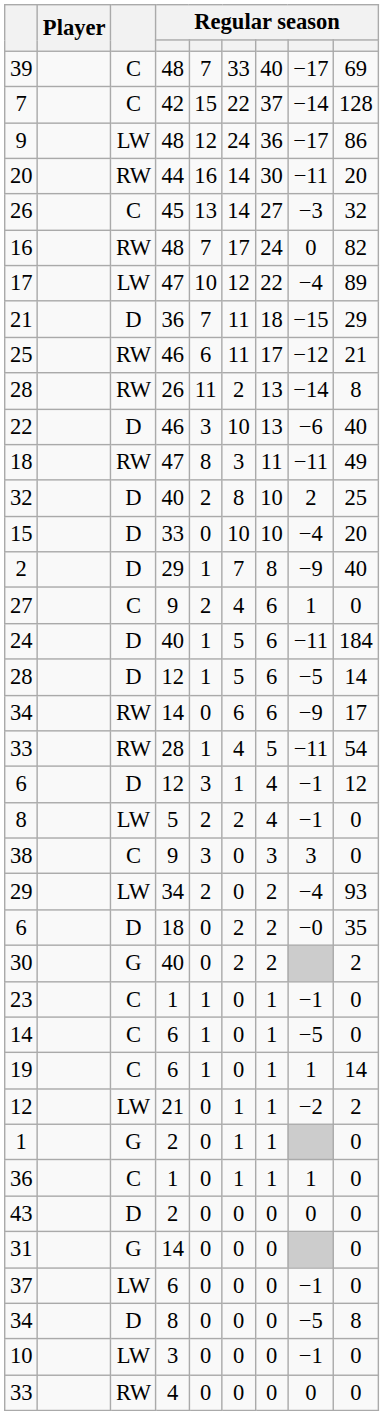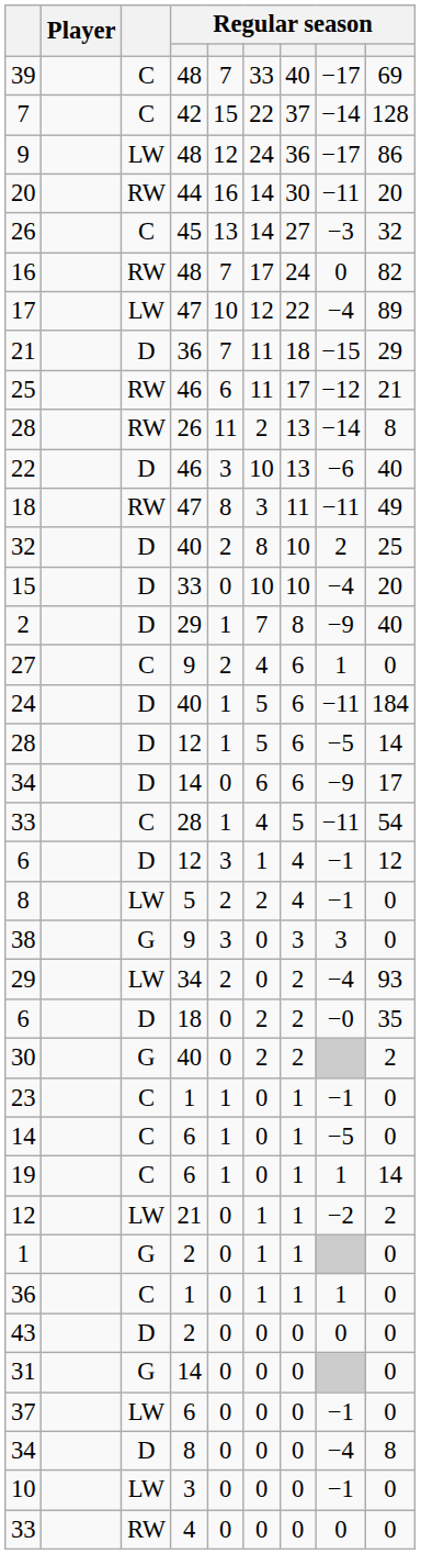 <table class="wikitable sortable plainrowheaders" style="text-align:center;">
 <tr>
 <th scope="col" data-sort-type="number" rowspan="2"></th>
 <th scope="col" rowspan="2">Player</th>
 <th scope="col" rowspan="2"></th>
 <th scope=colgroup colspan=6>Regular season</th>
 </tr>
 <tr>
 <th scope="col" data-sort-type="number"></th>
 <th scope="col" data-sort-type="number"></th>
 <th scope="col" data-sort-type="number"></th>
 <th scope="col" data-sort-type="number"></th>
 <th scope="col" data-sort-type="number"></th>
 <th scope="col" data-sort-type="number"></th>
 </tr>
 <tr>
 <td scope="row">39</td>
 <td align="left"></td>
 <td>C</td>
 <td>48</td>
 <td>7</td>
 <td>33</td>
 <td>40</td>
 <td>−17</td>
 <td>69</td>
 </tr>
 <tr>
 <td scope="row">7</td>
 <td align="left"></td>
 <td>C</td>
 <td>42</td>
 <td>15</td>
 <td>22</td>
 <td>37</td>
 <td>−14</td>
 <td>128</td>
 </tr>
 <tr>
 <td scope="row">9</td>
 <td align="left"></td>
 <td>LW</td>
 <td>48</td>
 <td>12</td>
 <td>24</td>
 <td>36</td>
 <td>−17</td>
 <td>86</td>
 </tr>
 <tr>
 <td scope="row">20</td>
 <td align="left"></td>
 <td>RW</td>
 <td>44</td>
 <td>16</td>
 <td>14</td>
 <td>30</td>
 <td>−11</td>
 <td>20</td>
 </tr>
 <tr>
 <td scope="row">26</td>
 <td align="left"></td>
 <td>C</td>
 <td>45</td>
 <td>13</td>
 <td>14</td>
 <td>27</td>
 <td>−3</td>
 <td>32</td>
 </tr>
 <tr>
 <td scope="row">16</td>
 <td align="left"></td>
 <td>RW</td>
 <td>48</td>
 <td>7</td>
 <td>17</td>
 <td>24</td>
 <td>0</td>
 <td>82</td>
 </tr>
 <tr>
 <td scope="row">17</td>
 <td align="left"></td>
 <td>LW</td>
 <td>47</td>
 <td>10</td>
 <td>12</td>
 <td>22</td>
 <td>−4</td>
 <td>89</td>
 </tr>
 <tr>
 <td scope="row">21</td>
 <td align="left"></td>
 <td>D</td>
 <td>36</td>
 <td>7</td>
 <td>11</td>
 <td>18</td>
 <td>−15</td>
 <td>29</td>
 </tr>
 <tr>
 <td scope="row">25</td>
 <td align="left"></td>
 <td>RW</td>
 <td>46</td>
 <td>6</td>
 <td>11</td>
 <td>17</td>
 <td>−12</td>
 <td>21</td>
 </tr>
 <tr>
 <td scope="row">28</td>
 <td align="left"></td>
 <td>RW</td>
 <td>26</td>
 <td>11</td>
 <td>2</td>
 <td>13</td>
 <td>−14</td>
 <td>8</td>
 </tr>
 <tr>
 <td scope="row">22</td>
 <td align="left"></td>
 <td>D</td>
 <td>46</td>
 <td>3</td>
 <td>10</td>
 <td>13</td>
 <td>−6</td>
 <td>40</td>
 </tr>
 <tr>
 <td scope="row">18</td>
 <td align="left"></td>
 <td>RW</td>
 <td>47</td>
 <td>8</td>
 <td>3</td>
 <td>11</td>
 <td>−11</td>
 <td>49</td>
 </tr>
 <tr>
 <td scope="row">32</td>
 <td align="left"></td>
 <td>D</td>
 <td>40</td>
 <td>2</td>
 <td>8</td>
 <td>10</td>
 <td>2</td>
 <td>25</td>
 </tr>
 <tr>
 <td scope="row">15</td>
 <td align="left"></td>
 <td>D</td>
 <td>33</td>
 <td>0</td>
 <td>10</td>
 <td>10</td>
 <td>−4</td>
 <td>20</td>
 </tr>
 <tr>
 <td scope="row">2</td>
 <td align="left"></td>
 <td>D</td>
 <td>29</td>
 <td>1</td>
 <td>7</td>
 <td>8</td>
 <td>−9</td>
 <td>40</td>
 </tr>
 <tr>
 <td scope="row">27</td>
 <td align="left"></td>
 <td>C</td>
 <td>9</td>
 <td>2</td>
 <td>4</td>
 <td>6</td>
 <td>1</td>
 <td>0</td>
 </tr>
 <tr>
 <td scope="row">24</td>
 <td align="left"></td>
 <td>D</td>
 <td>40</td>
 <td>1</td>
 <td>5</td>
 <td>6</td>
 <td>−11</td>
 <td>184</td>
 </tr>
 <tr>
 <td scope="row">28</td>
 <td align="left"></td>
 <td>D</td>
 <td>12</td>
 <td>1</td>
 <td>5</td>
 <td>6</td>
 <td>−5</td>
 <td>14</td>
 </tr>
 <tr>
 <td scope="row">34</td>
 <td align="left"></td>
-<td>RW</td>
+<td>D</td>
 <td>14</td>
 <td>0</td>
 <td>6</td>
 <td>6</td>
 <td>−9</td>
 <td>17</td>
 </tr>
 <tr>
 <td scope="row">33</td>
 <td align="left"></td>
-<td>RW</td>
+<td>C</td>
 <td>28</td>
 <td>1</td>
 <td>4</td>
 <td>5</td>
 <td>−11</td>
 <td>54</td>
 </tr>
 <tr>
 <td scope="row">6</td>
 <td align="left"></td>
 <td>D</td>
 <td>12</td>
 <td>3</td>
 <td>1</td>
 <td>4</td>
 <td>−1</td>
 <td>12</td>
 </tr>
 <tr>
 <td scope="row">8</td>
 <td align="left"></td>
 <td>LW</td>
 <td>5</td>
 <td>2</td>
 <td>2</td>
 <td>4</td>
 <td>−1</td>
 <td>0</td>
 </tr>
 <tr>
 <td scope="row">38</td>
 <td align="left"></td>
-<td>C</td>
+<td>G</td>
 <td>9</td>
 <td>3</td>
 <td>0</td>
 <td>3</td>
 <td>3</td>
 <td>0</td>
 </tr>
 <tr>
 <td scope="row">29</td>
 <td align="left"></td>
 <td>LW</td>
 <td>34</td>
 <td>2</td>
 <td>0</td>
 <td>2</td>
 <td>−4</td>
 <td>93</td>
 </tr>
 <tr>
 <td scope="row">6</td>
 <td align="left"></td>
 <td>D</td>
 <td>18</td>
 <td>0</td>
 <td>2</td>
 <td>2</td>
 <td>−0</td>
 <td>35</td>
 </tr>
 <tr>
 <td scope="row">30</td>
 <td align="left"></td>
 <td>G</td>
 <td>40</td>
 <td>0</td>
 <td>2</td>
 <td>2</td>
 <td style="background:#ccc"></td>
 <td>2</td>
 </tr>
 <tr>
 <td scope="row">23</td>
 <td align="left"></td>
 <td>C</td>
 <td>1</td>
 <td>1</td>
 <td>0</td>
 <td>1</td>
 <td>−1</td>
 <td>0</td>
 </tr>
 <tr>
 <td scope="row">14</td>
 <td align="left"></td>
 <td>C</td>
 <td>6</td>
 <td>1</td>
 <td>0</td>
 <td>1</td>
 <td>−5</td>
 <td>0</td>
 </tr>
 <tr>
 <td scope="row">19</td>
 <td align="left"></td>
 <td>C</td>
 <td>6</td>
 <td>1</td>
 <td>0</td>
 <td>1</td>
 <td>1</td>
 <td>14</td>
 </tr>
 <tr>
 <td scope="row">12</td>
 <td align="left"></td>
 <td>LW</td>
 <td>21</td>
 <td>0</td>
 <td>1</td>
 <td>1</td>
 <td>−2</td>
 <td>2</td>
 </tr>
 <tr>
 <td scope="row">1</td>
 <td align="left"></td>
 <td>G</td>
 <td>2</td>
 <td>0</td>
 <td>1</td>
 <td>1</td>
 <td style="background:#ccc"></td>
 <td>0</td>
 </tr>
 <tr>
 <td scope="row">36</td>
 <td align="left"></td>
 <td>C</td>
 <td>1</td>
 <td>0</td>
 <td>1</td>
 <td>1</td>
 <td>1</td>
 <td>0</td>
 </tr>
 <tr>
 <td scope="row">43</td>
 <td align="left"></td>
 <td>D</td>
 <td>2</td>
 <td>0</td>
 <td>0</td>
 <td>0</td>
 <td>0</td>
 <td>0</td>
 </tr>
 <tr>
 <td scope="row">31</td>
 <td align="left"></td>
 <td>G</td>
 <td>14</td>
 <td>0</td>
 <td>0</td>
 <td>0</td>
 <td style="background:#ccc"></td>
 <td>0</td>
 </tr>
 <tr>
 <td scope="row">37</td>
 <td align="left"></td>
 <td>LW</td>
 <td>6</td>
 <td>0</td>
 <td>0</td>
 <td>0</td>
 <td>−1</td>
 <td>0</td>
 </tr>
 <tr>
 <td scope="row">34</td>
 <td align="left"></td>
 <td>D</td>
 <td>8</td>
 <td>0</td>
 <td>0</td>
 <td>0</td>
-<td>−5</td>
+<td>−4</td>
 <td>8</td>
 </tr>
 <tr>
 <td scope="row">10</td>
 <td align="left"></td>
 <td>LW</td>
 <td>3</td>
 <td>0</td>
 <td>0</td>
 <td>0</td>
 <td>−1</td>
 <td>0</td>
 </tr>
 <tr>
 <td scope="row">33</td>
 <td align="left"></td>
 <td>RW</td>
 <td>4</td>
 <td>0</td>
 <td>0</td>
 <td>0</td>
 <td>0</td>
 <td>0</td>
 </tr>
 </table>
